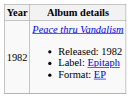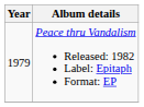 <table class ="wikitable">
 <tr>
 <th>Year</th>
 <th>Album details</th>
 </tr>
 <tr>
-<td>1982</td>
+<td>1979</td>
 <td><em><a href='#'>Peace thru Vandalism</a></em><br><ul><li>Released: 1982</li><li>Label: <a href='#'>Epitaph</a></li><li>Format: <a href='#'>EP</a></li></ul></td>
 </tr>
 <tr>
 </tr>
 </table>
